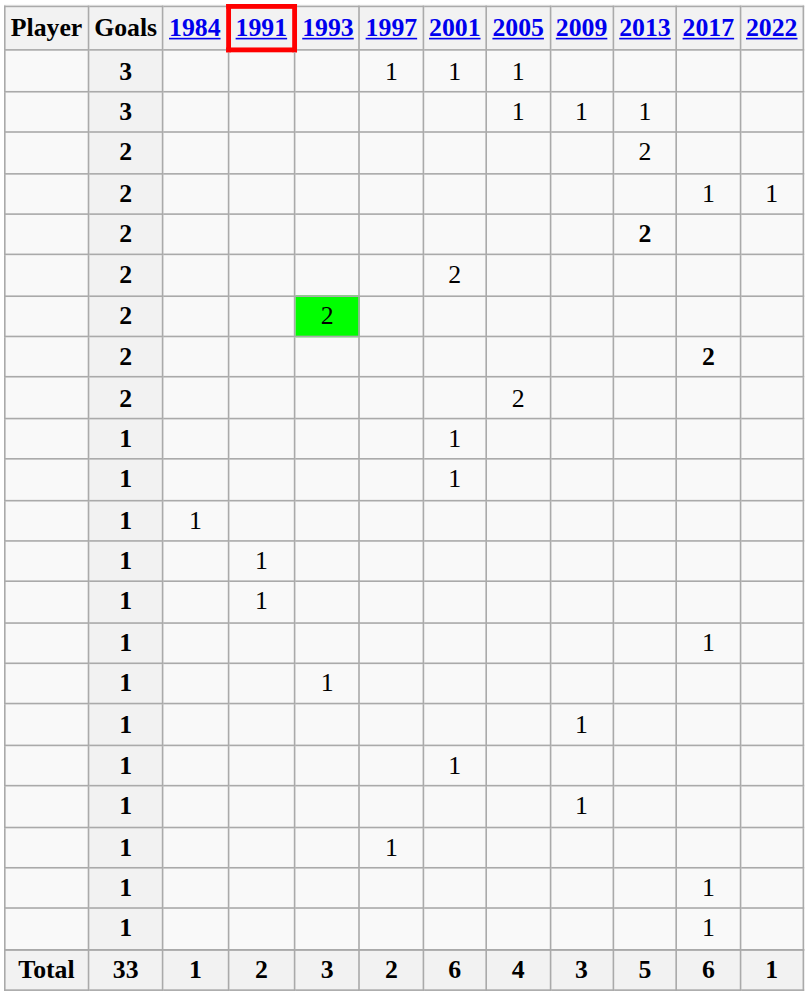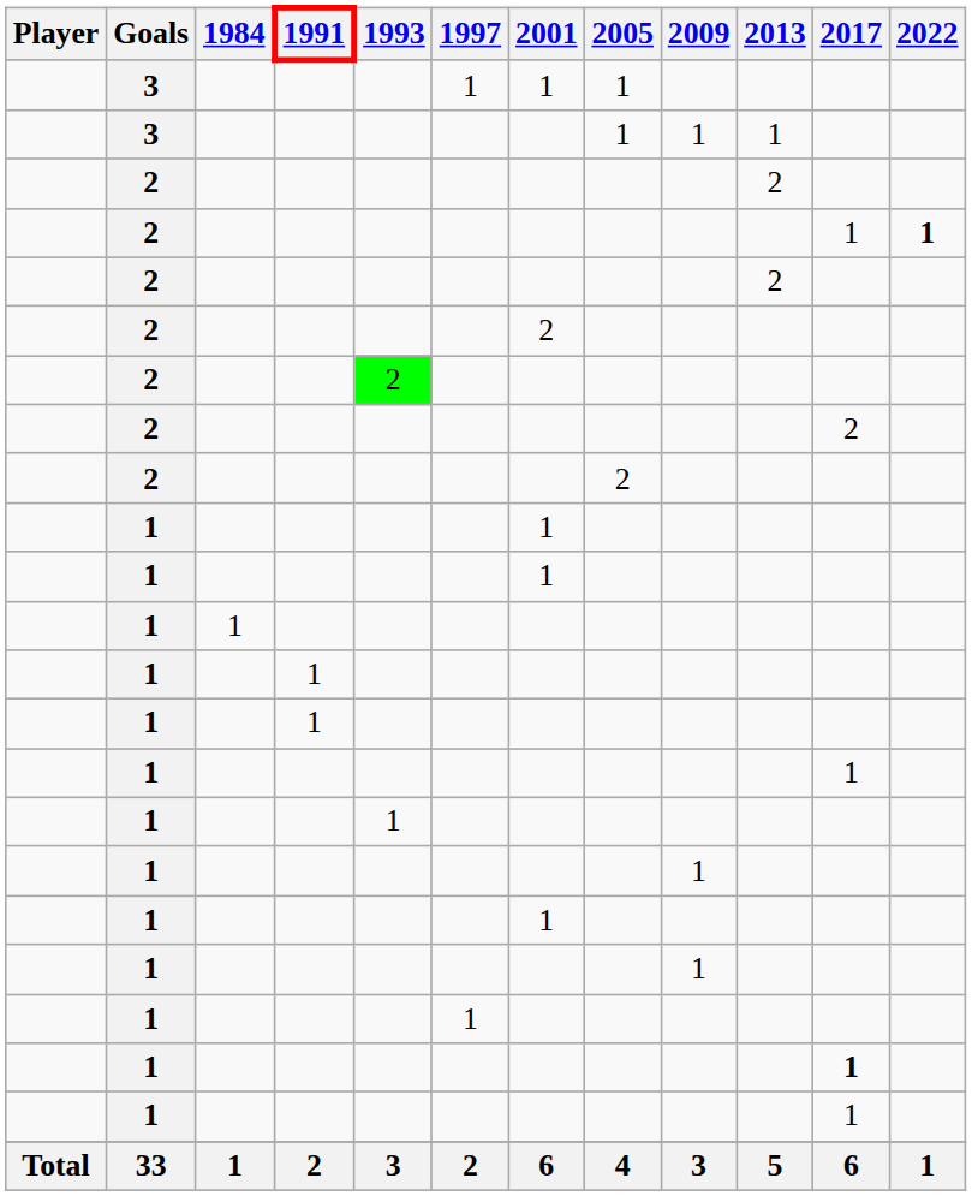 <table class="wikitable sortable" style="text-align:center;">
 <tr>
 <th>Player</th>
 <th>Goals</th>
 <th><a href='#'>1984</a></th>
 <th style="border:3px solid red"><a href='#'>1991</a></th>
 <th><a href='#'>1993</a></th>
 <th><a href='#'>1997</a></th>
 <th><a href='#'>2001</a></th>
 <th><a href='#'>2005</a></th>
 <th><a href='#'>2009</a></th>
 <th><a href='#'>2013</a></th>
 <th><a href='#'>2017</a></th>
 <th><a href='#'>2022</a></th>
 </tr>
 <tr>
 <td align="left"></td>
 <th>3</th>
 <td></td>
 <td></td>
 <td></td>
 <td>1</td>
 <td>1</td>
 <td>1</td>
 <td></td>
 <td></td>
 <td></td>
 <td></td>
 </tr>
 <tr>
 <td align="left"></td>
 <th>3</th>
 <td></td>
 <td></td>
 <td></td>
 <td></td>
 <td></td>
 <td>1</td>
 <td>1</td>
 <td>1</td>
 <td></td>
 <td></td>
 </tr>
 <tr>
 <td align="left"></td>
 <th>2</th>
 <td></td>
 <td></td>
 <td></td>
 <td></td>
 <td></td>
 <td></td>
 <td></td>
 <td>2</td>
 <td></td>
 <td></td>
 </tr>
 <tr>
 <td align="left"></td>
 <th>2</th>
 <td></td>
 <td></td>
 <td></td>
 <td></td>
 <td></td>
 <td></td>
 <td></td>
 <td></td>
 <td>1</td>
-<td>1</td>
+<td><strong>1</strong></td>
 </tr>
 <tr>
 <td align="left"></td>
 <th>2</th>
 <td></td>
 <td></td>
 <td></td>
 <td></td>
 <td></td>
 <td></td>
 <td></td>
-<td><strong>2</strong></td>
+<td>2</td>
 <td></td>
 <td></td>
 </tr>
 <tr>
 <td align="left"></td>
 <th>2</th>
 <td></td>
 <td></td>
 <td></td>
 <td></td>
 <td>2</td>
 <td></td>
 <td></td>
 <td></td>
 <td></td>
 <td></td>
 </tr>
 <tr>
 <td align="left"></td>
 <th>2</th>
 <td></td>
 <td></td>
 <td style="background:#00FF00">2</td>
 <td></td>
 <td></td>
 <td></td>
 <td></td>
 <td></td>
 <td></td>
 <td></td>
 </tr>
 <tr>
 <td align="left"></td>
 <th>2</th>
 <td></td>
 <td></td>
 <td></td>
 <td></td>
 <td></td>
 <td></td>
 <td></td>
 <td></td>
-<td><strong>2</strong></td>
+<td>2</td>
 <td></td>
 </tr>
 <tr>
 <td align="left"></td>
 <th>2</th>
 <td></td>
 <td></td>
 <td></td>
 <td></td>
 <td></td>
 <td>2</td>
 <td></td>
 <td></td>
 <td></td>
 <td></td>
 </tr>
 <tr>
 <td align="left"></td>
 <th>1</th>
 <td></td>
 <td></td>
 <td></td>
 <td></td>
 <td>1</td>
 <td></td>
 <td></td>
 <td></td>
 <td></td>
 <td></td>
 </tr>
 <tr>
 <td align="left"></td>
 <th>1</th>
 <td></td>
 <td></td>
 <td></td>
 <td></td>
 <td>1</td>
 <td></td>
 <td></td>
 <td></td>
 <td></td>
 <td></td>
 </tr>
 <tr>
 <td align="left"></td>
 <th>1</th>
 <td>1</td>
 <td></td>
 <td></td>
 <td></td>
 <td></td>
 <td></td>
 <td></td>
 <td></td>
 <td></td>
 <td></td>
 </tr>
 <tr>
 <td align="left"></td>
 <th>1</th>
 <td></td>
 <td>1</td>
 <td></td>
 <td></td>
 <td></td>
 <td></td>
 <td></td>
 <td></td>
 <td></td>
 <td></td>
 </tr>
 <tr>
 <td align="left"></td>
 <th>1</th>
 <td></td>
 <td>1</td>
 <td></td>
 <td></td>
 <td></td>
 <td></td>
 <td></td>
 <td></td>
 <td></td>
 <td></td>
 </tr>
 <tr>
 <td align="left"></td>
 <th>1</th>
 <td></td>
 <td></td>
 <td></td>
 <td></td>
 <td></td>
 <td></td>
 <td></td>
 <td></td>
 <td>1</td>
 <td></td>
 </tr>
 <tr>
 <td align="left"></td>
 <th>1</th>
 <td></td>
 <td></td>
 <td>1</td>
 <td></td>
 <td></td>
 <td></td>
 <td></td>
 <td></td>
 <td></td>
 <td></td>
 </tr>
 <tr>
 <td align="left"></td>
 <th>1</th>
 <td></td>
 <td></td>
 <td></td>
 <td></td>
 <td></td>
 <td></td>
 <td>1</td>
 <td></td>
 <td></td>
 <td></td>
 </tr>
 <tr>
 <td align="left"></td>
 <th>1</th>
 <td></td>
 <td></td>
 <td></td>
 <td></td>
 <td>1</td>
 <td></td>
 <td></td>
 <td></td>
 <td></td>
 <td></td>
 </tr>
 <tr>
 <td align="left"></td>
 <th>1</th>
 <td></td>
 <td></td>
 <td></td>
 <td></td>
 <td></td>
 <td></td>
 <td>1</td>
 <td></td>
 <td></td>
 <td></td>
 </tr>
 <tr>
 <td align="left"></td>
 <th>1</th>
 <td></td>
 <td></td>
 <td></td>
 <td>1</td>
 <td></td>
 <td></td>
 <td></td>
 <td></td>
 <td></td>
 <td></td>
 </tr>
 <tr>
 <td align="left"></td>
 <th>1</th>
 <td></td>
 <td></td>
 <td></td>
 <td></td>
 <td></td>
 <td></td>
 <td></td>
 <td></td>
-<td>1</td>
+<td><strong>1</strong></td>
 <td></td>
 </tr>
 <tr>
 <td align="left"></td>
 <th>1</th>
 <td></td>
 <td></td>
 <td></td>
 <td></td>
 <td></td>
 <td></td>
 <td></td>
 <td></td>
 <td>1</td>
 <td></td>
 </tr>
 <tr>
 </tr>
 <tr class="sortbottom">
 <th>Total</th>
 <th>33</th>
 <th>1</th>
 <th>2</th>
 <th>3</th>
 <th>2</th>
 <th>6</th>
 <th>4</th>
 <th>3</th>
 <th>5</th>
 <th>6</th>
 <th>1</th>
 </tr>
 </table>
